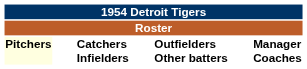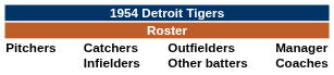 <table class="toccolours" style="font-size: 95%;">
 <tr>
 <th colspan="10" style="background-color: #003366; color: white; text-align: center;">1954 Detroit Tigers</th>
 </tr>
 <tr>
 <td colspan="10" style="background-color: #bd5d29; color: white; text-align: center;"><strong>Roster</strong></td>
 </tr>
 <tr>
-<td valign="top" style="background: lightyellow;"><strong>Pitchers</strong><br>            </td>
+<td valign="top"><strong>Pitchers</strong><br>            </td>
 <td width="25px"></td>
 <td valign="top"><strong>Catchers</strong><br>     <strong>Infielders</strong>         </td>
 <td width="25px"></td>
 <td valign="top"><strong>Outfielders</strong><br>        <strong>Other batters</strong> </td>
 <td width="25px"></td>
 <td valign="top"><strong>Manager</strong><br> <strong>Coaches</strong>   </td>
 </tr>
 </table>
